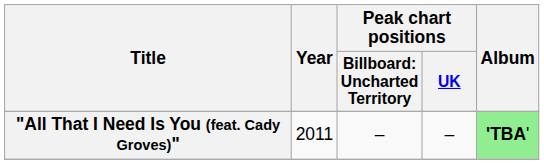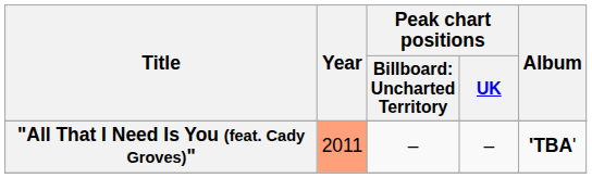 <table class="wikitable plainrowheaders" style="text-align:center;" border="1">
 <tr>
 <th scope="col" rowspan="2" style="width:16em;">Title</th>
 <th scope="col" rowspan="2">Year</th>
 <th scope="col" colspan="2">Peak chart positions</th>
 <th scope="col" rowspan="2">Album</th>
 </tr>
 <tr>
 <th scope="col" style="width:3em;font-size:90%;">Billboard: Uncharted Territory<br></th>
 <th scope="col" style="width:3em;font-size:90%;"><a href='#'>UK</a><br></th>
 </tr>
 <tr>
 </tr>
 <tr>
 <th scope="row">"All That I Need Is You <small>(feat. Cady Groves)</small>"</th>
-<td>2011</td>
+<td style="background: lightsalmon;">2011</td>
 <td>–</td>
 <td>–</td>
-<td style="background: lightgreen;"><strong>'TBA</strong>'</td>
+<td><strong>'TBA</strong>'</td>
 </tr>
 <tr>
 </tr>
 </table>
